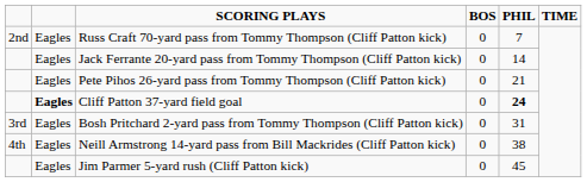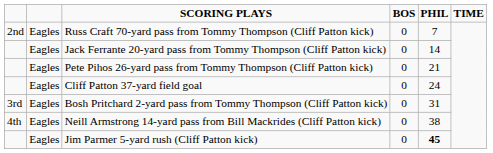 <table class="wikitable">
 <tr align=center>
 <td></td>
 <td></td>
 <td><strong>SCORING PLAYS</strong></td>
 <td><strong>BOS  </strong></td>
 <td><strong>PHIL</strong></td>
 <td><strong>TIME</strong></td>
 </tr>
 <tr align=left>
 <td>2nd</td>
 <td>Eagles</td>
 <td>Russ Craft 70-yard pass from Tommy Thompson (Cliff Patton kick)</td>
 <td - align="center">0</td>
 <td - align="center">7</td>
 </tr>
 <tr align=left>
 <td></td>
 <td>Eagles</td>
 <td>Jack Ferrante 20-yard pass from Tommy Thompson (Cliff Patton kick)</td>
 <td - align="center">0</td>
 <td - align="center">14</td>
 </tr>
 <tr align=left>
 <td></td>
 <td>Eagles</td>
 <td>Pete Pihos 26-yard pass from Tommy Thompson (Cliff Patton kick)</td>
 <td - align="center">0</td>
 <td - align="center">21</td>
 </tr>
 <tr align=left>
 <td></td>
-<td><strong>Eagles</strong></td>
+<td>Eagles</td>
 <td>Cliff Patton 37-yard field goal</td>
 <td - align="center">0</td>
-<td - align="center"><strong>24</strong></td>
+<td - align="center">24</td>
 </tr>
 <tr align=left>
 <td>3rd</td>
 <td>Eagles</td>
 <td>Bosh Pritchard 2-yard pass from Tommy Thompson (Cliff Patton kick)</td>
 <td - align="center">0</td>
 <td - align="center">31</td>
 </tr>
 <tr align=left>
 <td>4th</td>
 <td>Eagles</td>
 <td>Neill Armstrong 14-yard pass from Bill Mackrides (Cliff Patton kick)</td>
 <td - align="center">0</td>
 <td - align="center">38</td>
 </tr>
 <tr align=left|- align=left>
 <td></td>
 <td>Eagles</td>
 <td>Jim Parmer 5-yard rush (Cliff Patton kick)</td>
 <td - align="center">0</td>
-<td - align="center">45</td>
+<td - align="center"><strong>45</strong></td>
 </tr>
 </table>
